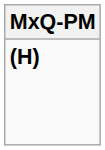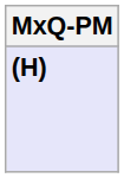 <table class="wikitable" style="font-size: 90%;">
 <tr>
 <th>MxQ-PM</th>
 </tr>
 <tr>
-<td> <strong>(H)</strong><br><br><br><br></td>
+<td style="background: lavender;"> <strong>(H)</strong><br><br><br><br></td>
 </tr>
 </table>
